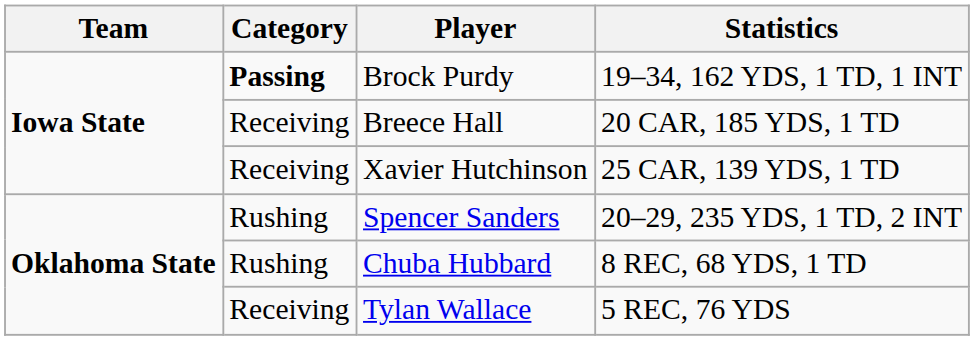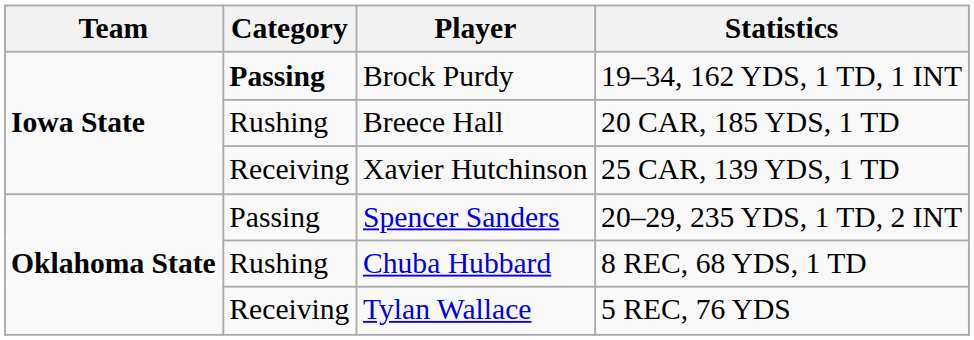 <table class="wikitable" style="float: right;">
 <tr>
 <th>Team</th>
 <th>Category</th>
 <th>Player</th>
 <th>Statistics</th>
 </tr>
 <tr>
 <td rowspan=3><strong>Iowa State</strong></td>
 <td><strong>Passing</strong></td>
 <td>Brock Purdy</td>
 <td>19–34, 162 YDS, 1 TD, 1 INT</td>
 </tr>
 <tr>
-<td>Receiving</td>
+<td>Rushing</td>
 <td>Breece Hall</td>
 <td>20 CAR, 185 YDS, 1 TD</td>
 </tr>
 <tr>
 <td>Receiving</td>
 <td>Xavier Hutchinson</td>
 <td>25 CAR, 139 YDS, 1 TD</td>
 </tr>
 <tr>
 <td rowspan=3><strong>Oklahoma State</strong></td>
-<td>Rushing</td>
+<td>Passing</td>
 <td><a href='#'>Spencer Sanders</a></td>
 <td>20–29, 235 YDS, 1 TD, 2 INT</td>
 </tr>
 <tr>
 <td>Rushing</td>
 <td><a href='#'>Chuba Hubbard</a></td>
 <td>8 REC, 68 YDS, 1 TD</td>
 </tr>
 <tr>
 <td>Receiving</td>
 <td><a href='#'>Tylan Wallace</a></td>
 <td>5 REC, 76 YDS</td>
 </tr>
 </table>
